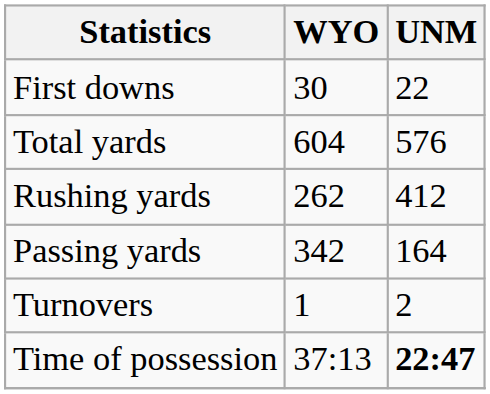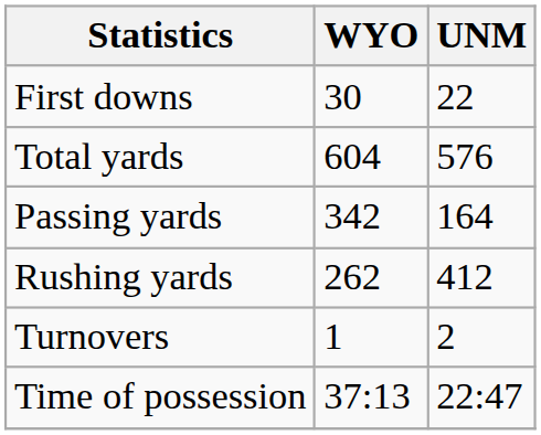 <table class="wikitable" style="float: left;">
 <tr>
 <th>Statistics</th>
 <th>WYO</th>
 <th>UNM</th>
 </tr>
 <tr>
 <td>First downs</td>
 <td>30</td>
 <td>22</td>
 </tr>
 <tr>
 <td>Total yards</td>
 <td>604</td>
 <td>576</td>
 </tr>
 <tr>
+<td>Passing yards</td>
+<td>342</td>
+<td>164</td>
+</tr>
+<tr>
 <td>Rushing yards</td>
 <td>262</td>
 <td>412</td>
-</tr>
-<tr>
-<td>Passing yards</td>
-<td>342</td>
-<td>164</td>
 </tr>
 <tr>
 <td>Turnovers</td>
 <td>1</td>
 <td>2</td>
 </tr>
 <tr>
 <td>Time of possession</td>
 <td>37:13</td>
-<td><strong>22:47</strong></td>
+<td>22:47</td>
 </tr>
 <tr>
 </tr>
 </table>
